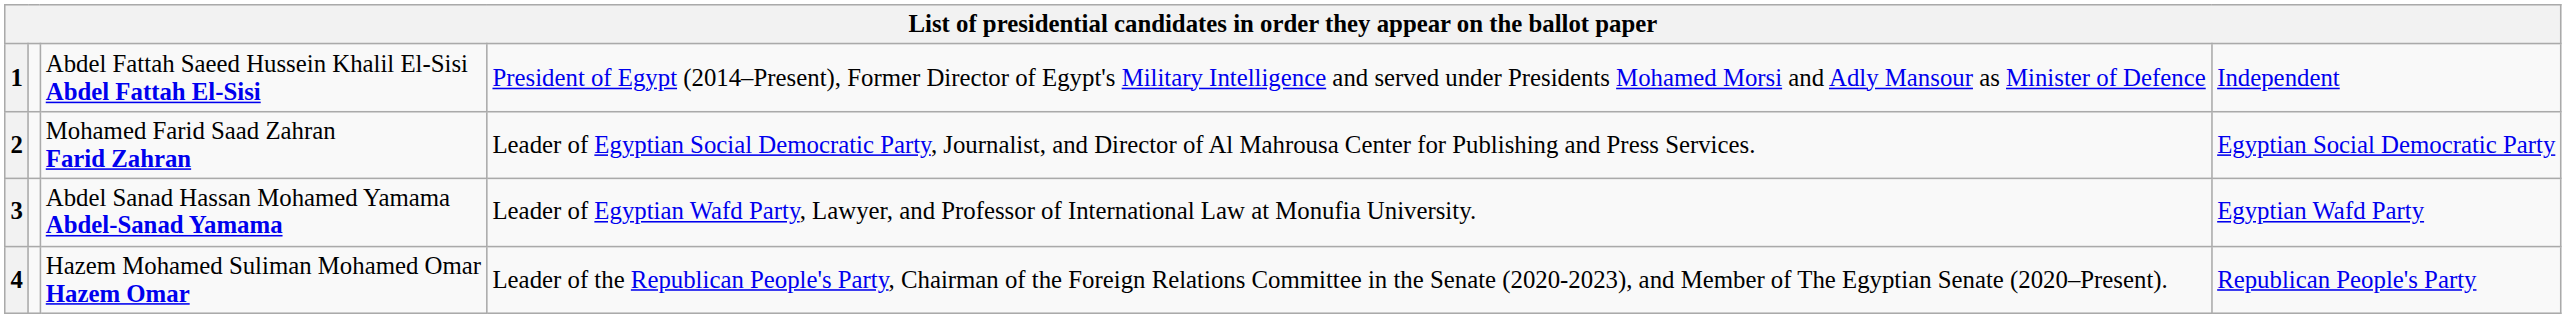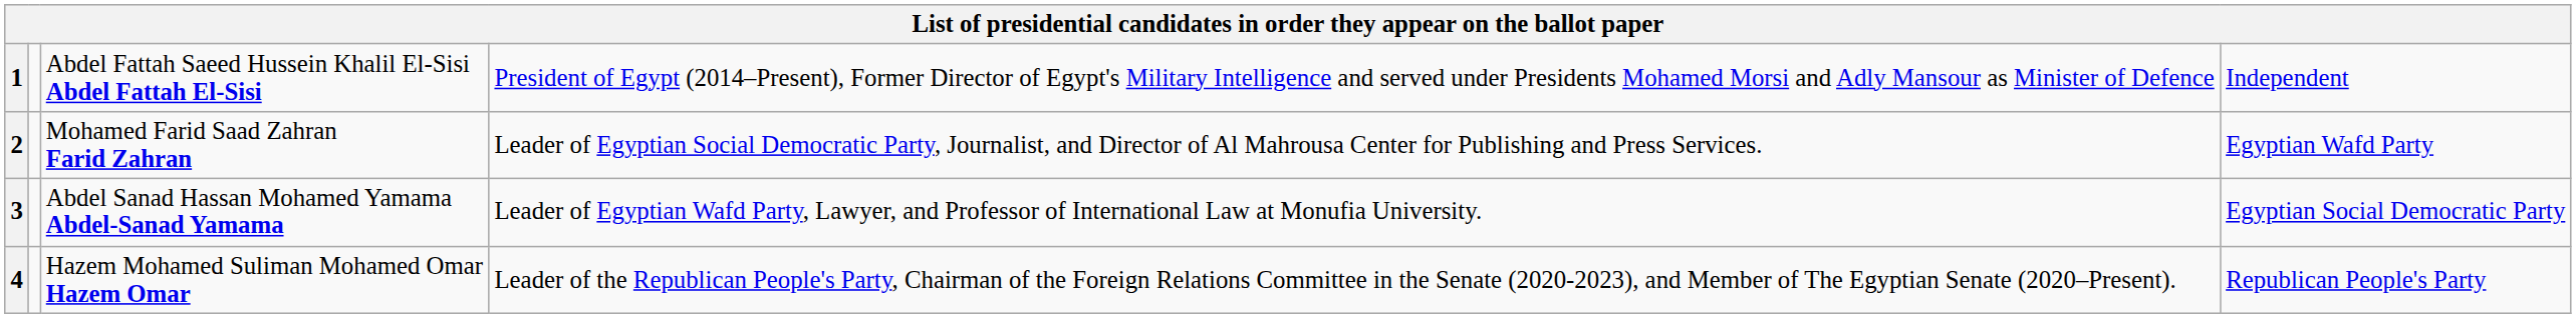 <table class="wikitable">
 <tr>
 <th colspan="5">List of presidential candidates in order they appear on the ballot paper</th>
 </tr>
 <tr>
 <th style="background:">1</th>
 <td></td>
 <td>Abdel Fattah Saeed Hussein Khalil El-Sisi<br><strong><a href='#'>Abdel Fattah El-Sisi</a></strong></td>
 <td><a href='#'>President of Egypt</a> (2014–Present), Former Director of Egypt's <a href='#'>Military Intelligence</a> and served under Presidents <a href='#'>Mohamed Morsi</a> and <a href='#'>Adly Mansour</a> as <a href='#'>Minister of Defence</a></td>
 <td><a href='#'>Independent</a></td>
 </tr>
 <tr>
 <th style="background:">2</th>
 <td></td>
 <td>Mohamed Farid Saad Zahran<br><strong><a href='#'>Farid Zahran</a></strong></td>
 <td>Leader of <a href='#'>Egyptian Social Democratic Party</a>, Journalist, and Director of Al Mahrousa Center for Publishing and Press Services.</td>
-<td><a href='#'>Egyptian Social Democratic Party</a></td>
+<td><a href='#'>Egyptian Wafd Party</a></td>
 </tr>
 <tr>
 <th style="background:">3</th>
 <td></td>
 <td>Abdel Sanad Hassan Mohamed Yamama<br><strong><a href='#'>Abdel-Sanad Yamama</a></strong></td>
 <td>Leader of <a href='#'>Egyptian Wafd Party</a>, Lawyer, and Professor of International Law at Monufia University.</td>
-<td><a href='#'>Egyptian Wafd Party</a></td>
+<td><a href='#'>Egyptian Social Democratic Party</a></td>
 </tr>
 <tr>
 <th style="background:">4</th>
 <td></td>
 <td>Hazem Mohamed Suliman Mohamed Omar<br><strong><a href='#'>Hazem Omar</a></strong></td>
 <td>Leader of the <a href='#'>Republican People's Party</a>, Chairman of the Foreign Relations Committee in the Senate (2020-2023), and Member of The Egyptian Senate (2020–Present).</td>
 <td><a href='#'>Republican People's Party</a></td>
 </tr>
 </table>
